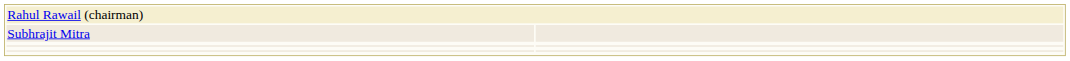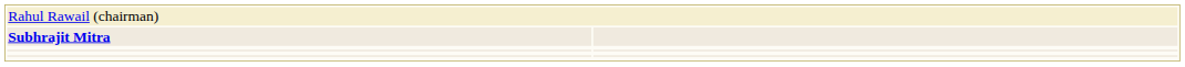 <table style="width:100%;border: 1px solid #BEB168;background-color:#FDFCF6;">
 <tr>
 <td colspan="2" style="background-color:#F5EFD0;"><a href='#'>Rahul Rawail</a> (chairman)</td>
 </tr>
 <tr style="background-color:#F0EADF;">
-<td style="width:50%"> <a href='#'>Subhrajit Mitra</a></td>
+<td style="width:50%"><strong> <a href='#'>Subhrajit Mitra</a></strong></td>
 <td style="width:50%"></td>
 </tr>
 <tr style="vertical-align:top;">
 </tr>
 <tr style="background-color:#F0EADF;">
 <td style="width:50%"></td>
 <td style="width:50%"></td>
 </tr>
 <tr style="vertical-align:top;">
 </tr>
 <tr style="background-color:#F0EADF;">
 <td style="width:50%"></td>
 <td style="width:50%"></td>
 </tr>
 <tr style="vertical-align:top;">
 </tr>
 </table>
